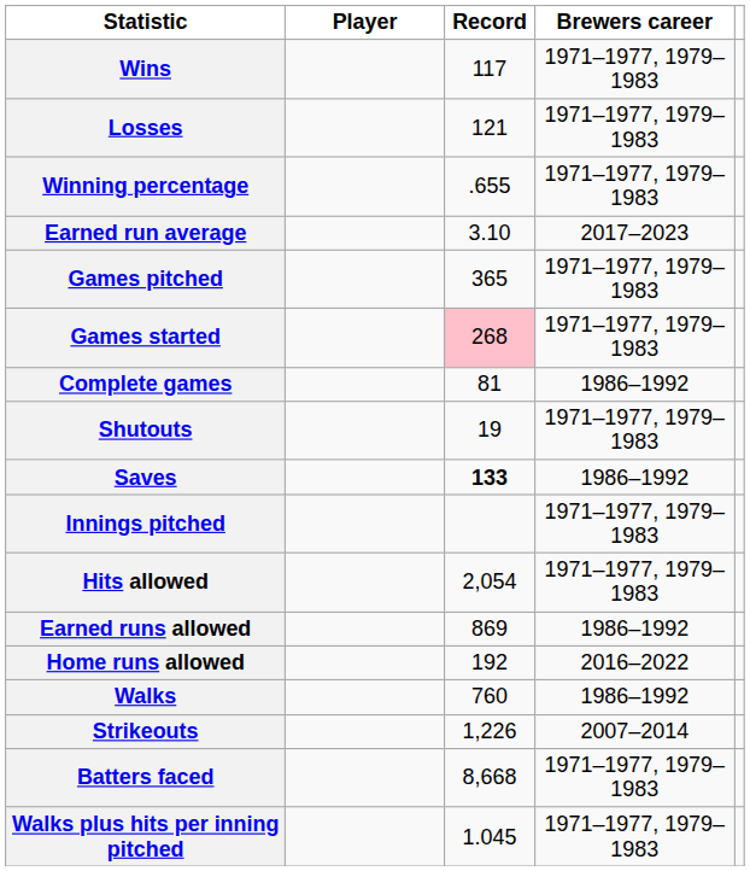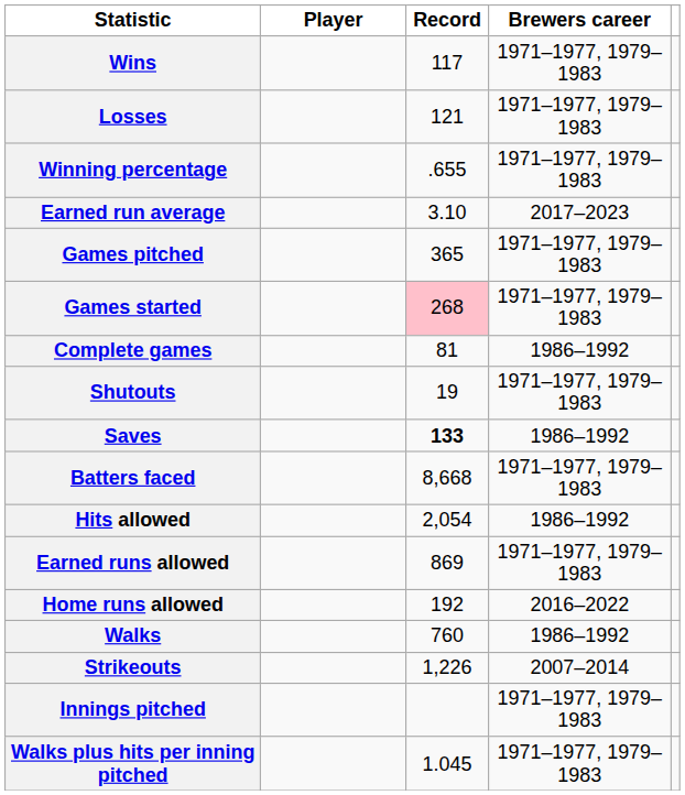 <table class="sortable wikitable plainrowheaders" style="text-align:center">
 <tr>
 <th width="200px" scope="col" style="background-color:#ffffff; border-top:#">Statistic</th>
 <th width="110px" scope="col" style="background-color:#ffffff; border-top:#">Player</th>
 <th width="60px" class="unsortable" scope="col" style="background-color:#ffffff; border-top:#">Record</th>
 <th width="140px" scope="col" style="background-color:#ffffff; border-top:#">Brewers career</th>
 <th class="unsortable" scope="col" style="background-color:#ffffff; border-top:#"></th>
 </tr>
 <tr>
 <th scope="row" style="text-align:center"><a href='#'>Wins</a></th>
 <td></td>
 <td>117</td>
 <td>1971–1977, 1979–1983</td>
 <td></td>
 </tr>
 <tr>
 <th scope="row" style="text-align:center"><a href='#'>Losses</a></th>
 <td></td>
 <td>121</td>
 <td>1971–1977, 1979–1983</td>
 <td></td>
 </tr>
 <tr>
 <th scope="row" style="text-align:center"><a href='#'>Winning percentage</a></th>
 <td></td>
 <td>.655</td>
 <td>1971–1977, 1979–1983</td>
 <td></td>
 </tr>
 <tr>
 <th scope="row" style="text-align:center"><a href='#'>Earned run average</a></th>
 <td></td>
 <td>3.10</td>
 <td>2017–2023</td>
 <td></td>
 </tr>
 <tr>
 <th scope="row" style="text-align:center"><a href='#'>Games pitched</a></th>
 <td></td>
 <td>365</td>
 <td>1971–1977, 1979–1983</td>
 <td></td>
 </tr>
 <tr>
 <th scope="row" style="text-align:center"><a href='#'>Games started</a></th>
 <td></td>
 <td style="background: pink;">268</td>
 <td>1971–1977, 1979–1983</td>
 <td></td>
 </tr>
 <tr>
 <th scope="row" style="text-align:center"><a href='#'>Complete games</a></th>
 <td></td>
 <td>81</td>
 <td>1986–1992</td>
 <td></td>
 </tr>
 <tr>
 <th scope="row" style="text-align:center"><a href='#'>Shutouts</a></th>
 <td></td>
 <td>19</td>
 <td>1971–1977, 1979–1983</td>
 <td></td>
 </tr>
 <tr>
 <th scope="row" style="text-align:center"><a href='#'>Saves</a></th>
 <td></td>
 <td><strong>133</strong></td>
 <td>1986–1992</td>
 <td></td>
 </tr>
 <tr>
-<th scope="row" style="text-align:center"><a href='#'>Innings pitched</a></th>
+<th scope="row" style="text-align:center"><a href='#'>Batters faced</a></th>
 <td></td>
-<td></td>
+<td>8,668</td>
 <td>1971–1977, 1979–1983</td>
 <td></td>
 </tr>
 <tr>
 <th scope="row" style="text-align:center"><a href='#'>Hits</a> allowed</th>
 <td></td>
 <td>2,054</td>
-<td>1971–1977, 1979–1983</td>
+<td>1986–1992</td>
 <td></td>
 </tr>
 <tr>
 <th scope="row" style="text-align:center"><a href='#'>Earned runs</a> allowed</th>
 <td></td>
 <td>869</td>
-<td>1986–1992</td>
+<td>1971–1977, 1979–1983</td>
 <td></td>
 </tr>
 <tr>
 <th scope="row" style="text-align:center"><a href='#'>Home runs</a> allowed</th>
 <td></td>
 <td>192</td>
 <td>2016–2022</td>
 <td></td>
 </tr>
 <tr>
 <th scope="row" style="text-align:center"><a href='#'>Walks</a></th>
 <td></td>
 <td>760</td>
 <td>1986–1992</td>
 <td></td>
 </tr>
 <tr>
 <th scope="row" style="text-align:center"><a href='#'>Strikeouts</a></th>
 <td></td>
 <td>1,226</td>
 <td>2007–2014</td>
 <td></td>
 </tr>
 <tr>
-<th scope="row" style="text-align:center"><a href='#'>Batters faced</a></th>
+<th scope="row" style="text-align:center"><a href='#'>Innings pitched</a></th>
 <td></td>
-<td>8,668</td>
+<td></td>
 <td>1971–1977, 1979–1983</td>
 <td></td>
 </tr>
 <tr>
 <th scope="row" style="text-align:center"><a href='#'>Walks plus hits per inning pitched</a></th>
 <td></td>
 <td>1.045</td>
 <td>1971–1977, 1979–1983</td>
 <td></td>
 </tr>
 </table>
